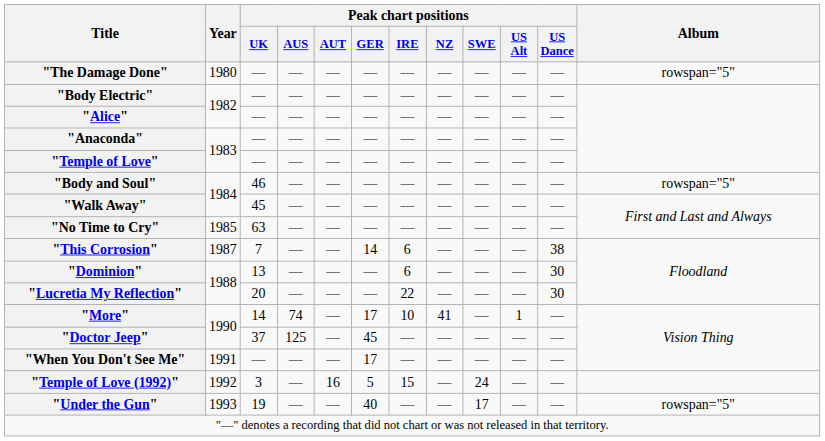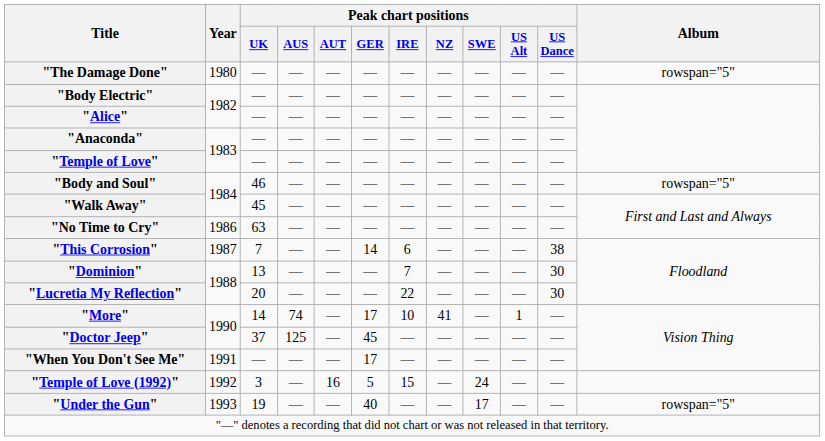 <table class="wikitable plainrowheaders" style="text-align:center;">
 <tr>
 <th scope="col" rowspan="2" style="width:14em;">Title</th>
 <th scope="col" rowspan="2" style="width:1em;">Year</th>
 <th scope="col" colspan="9">Peak chart positions</th>
 <th scope="col" rowspan="2" style="width:17em;">Album</th>
 </tr>
 <tr>
 <th scope="col" style="width:2.5em;font-size:90%;"><a href='#'>UK</a><br></th>
 <th scope="col" style="width:2.5em;font-size:90%;"><a href='#'>AUS</a><br></th>
 <th scope="col" style="width:2.5em;font-size:90%;"><a href='#'>AUT</a><br></th>
 <th scope="col" style="width:2.5em;font-size:90%;"><a href='#'>GER</a><br></th>
 <th scope="col" style="width:2.5em;font-size:90%;"><a href='#'>IRE</a><br></th>
 <th scope="col" style="width:2.5em;font-size:90%;"><a href='#'>NZ</a><br></th>
 <th scope="col" style="width:2.5em;font-size:90%;"><a href='#'>SWE</a><br></th>
 <th scope="col" style="width:2.5em;font-size:90%;"><a href='#'>US Alt</a><br></th>
 <th scope="col" style="width:2.5em;font-size:90%;"><a href='#'>US Dance</a><br></th>
 </tr>
 <tr>
 <th scope="row">"The Damage Done"</th>
 <td>1980</td>
 <td>—</td>
 <td>—</td>
 <td>—</td>
 <td>—</td>
 <td>—</td>
 <td>—</td>
 <td>—</td>
 <td>—</td>
 <td>—</td>
 <td>rowspan="5" </td>
 </tr>
 <tr>
 <th scope="row">"Body Electric"</th>
 <td rowspan="2">1982</td>
 <td>—</td>
 <td>—</td>
 <td>—</td>
 <td>—</td>
 <td>—</td>
 <td>—</td>
 <td>—</td>
 <td>—</td>
 <td>—</td>
 </tr>
 <tr>
 <th scope="row">"<a href='#'>Alice</a>"</th>
 <td>—</td>
 <td>—</td>
 <td>—</td>
 <td>—</td>
 <td>—</td>
 <td>—</td>
 <td>—</td>
 <td>—</td>
 <td>—</td>
 </tr>
 <tr>
 <th scope="row">"Anaconda"</th>
 <td rowspan="2">1983</td>
 <td>—</td>
 <td>—</td>
 <td>—</td>
 <td>—</td>
 <td>—</td>
 <td>—</td>
 <td>—</td>
 <td>—</td>
 <td>—</td>
 </tr>
 <tr>
 <th scope="row">"<a href='#'>Temple of Love</a>"</th>
 <td>—</td>
 <td>—</td>
 <td>—</td>
 <td>—</td>
 <td>—</td>
 <td>—</td>
 <td>—</td>
 <td>—</td>
 <td>—</td>
 </tr>
 <tr>
 <th scope="row">"Body and Soul"</th>
 <td rowspan="2">1984</td>
 <td>46</td>
 <td>—</td>
 <td>—</td>
 <td>—</td>
 <td>—</td>
 <td>—</td>
 <td>—</td>
 <td>—</td>
 <td>—</td>
 <td>rowspan="5" </td>
 </tr>
 <tr>
 <th scope="row">"Walk Away"</th>
 <td>45</td>
 <td>—</td>
 <td>—</td>
 <td>—</td>
 <td>—</td>
 <td>—</td>
 <td>—</td>
 <td>—</td>
 <td>—</td>
 <td rowspan="2"><em>First and Last and Always</em></td>
 </tr>
 <tr>
 <th scope="row">"No Time to Cry"</th>
-<td>1985</td>
+<td>1986</td>
 <td>63</td>
 <td>—</td>
 <td>—</td>
 <td>—</td>
 <td>—</td>
 <td>—</td>
 <td>—</td>
 <td>—</td>
 <td>—</td>
 </tr>
 <tr>
 <th scope="row">"<a href='#'>This Corrosion</a>"</th>
 <td>1987</td>
 <td>7</td>
 <td>—</td>
 <td>—</td>
 <td>14</td>
 <td>6</td>
 <td>—</td>
 <td>—</td>
 <td>—</td>
 <td>38</td>
 <td rowspan="3"><em>Floodland</em></td>
 </tr>
 <tr>
 <th scope="row">"<a href='#'>Dominion</a>"</th>
 <td rowspan="2">1988</td>
 <td>13</td>
 <td>—</td>
 <td>—</td>
 <td>—</td>
-<td>6</td>
+<td>7</td>
 <td>—</td>
 <td>—</td>
 <td>—</td>
 <td>30</td>
 </tr>
 <tr>
 <th scope="row">"<a href='#'>Lucretia My Reflection</a>"</th>
 <td>20</td>
 <td>—</td>
 <td>—</td>
 <td>—</td>
 <td>22</td>
 <td>—</td>
 <td>—</td>
 <td>—</td>
 <td>30</td>
 </tr>
 <tr>
 <th scope="row">"<a href='#'>More</a>"</th>
 <td rowspan="2">1990</td>
 <td>14</td>
 <td>74</td>
 <td>—</td>
 <td>17</td>
 <td>10</td>
 <td>41</td>
 <td>—</td>
 <td>1</td>
 <td>—</td>
 <td rowspan="3"><em>Vision Thing</em></td>
 </tr>
 <tr>
 <th scope="row">"<a href='#'>Doctor Jeep</a>"</th>
 <td>37</td>
 <td>125</td>
 <td>—</td>
 <td>45</td>
 <td>—</td>
 <td>—</td>
 <td>—</td>
 <td>—</td>
 <td>—</td>
 </tr>
 <tr>
 <th scope="row">"When You Don't See Me"</th>
 <td>1991</td>
 <td>—</td>
 <td>—</td>
 <td>—</td>
 <td>17</td>
 <td>—</td>
 <td>—</td>
 <td>—</td>
 <td>—</td>
 <td>—</td>
 </tr>
 <tr>
 <th scope="row">"<a href='#'>Temple of Love (1992)</a>"</th>
 <td>1992</td>
 <td>3</td>
 <td>—</td>
 <td>16</td>
 <td>5</td>
 <td>15</td>
 <td>—</td>
 <td>24</td>
 <td>—</td>
 <td>—</td>
 <td></td>
 </tr>
 <tr>
 <th scope="row">"<a href='#'>Under the Gun</a>"</th>
 <td>1993</td>
 <td>19</td>
 <td>—</td>
 <td>—</td>
 <td>40</td>
 <td>—</td>
 <td>—</td>
 <td>17</td>
 <td>—</td>
 <td>—</td>
 <td>rowspan="5" </td>
 </tr>
 <tr>
 <td colspan="12" style="font-size:90%">"—" denotes a recording that did not chart or was not released in that territory.</td>
 </tr>
 </table>
